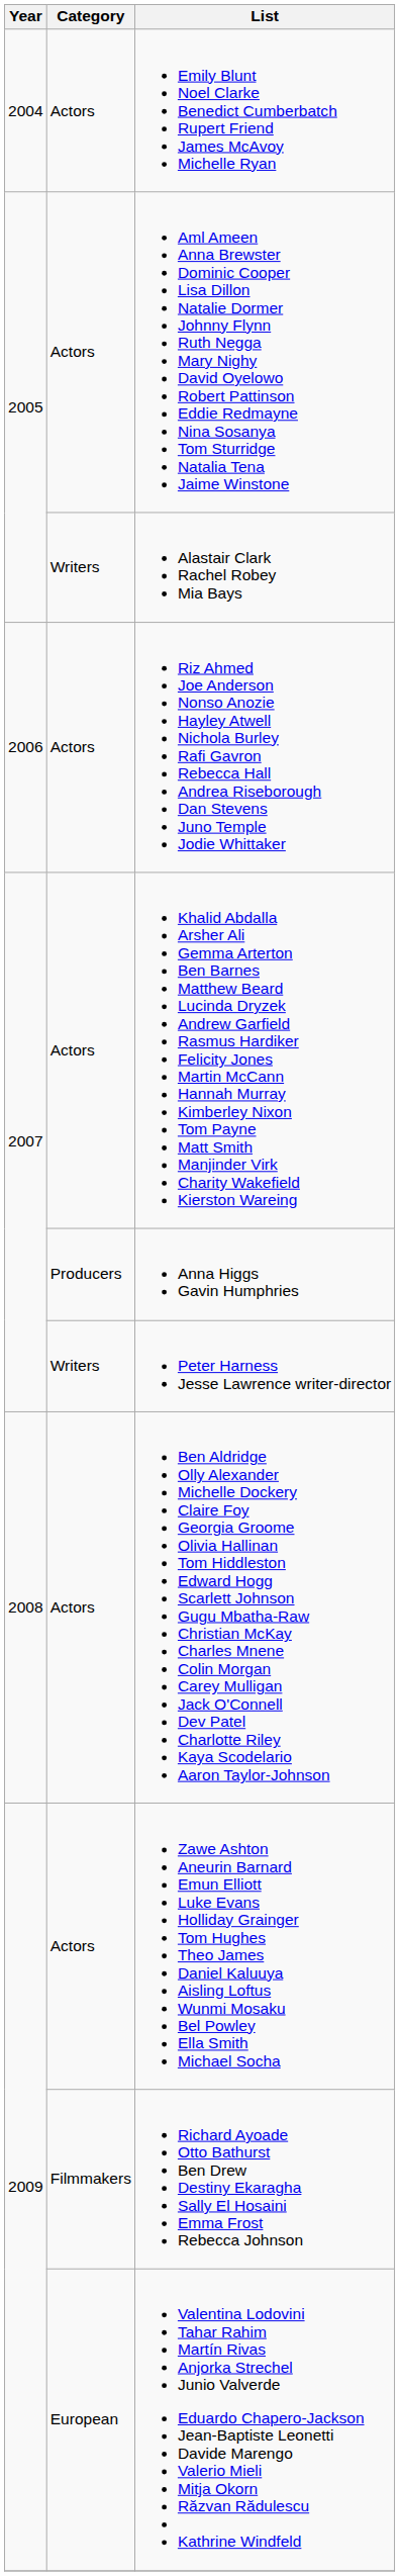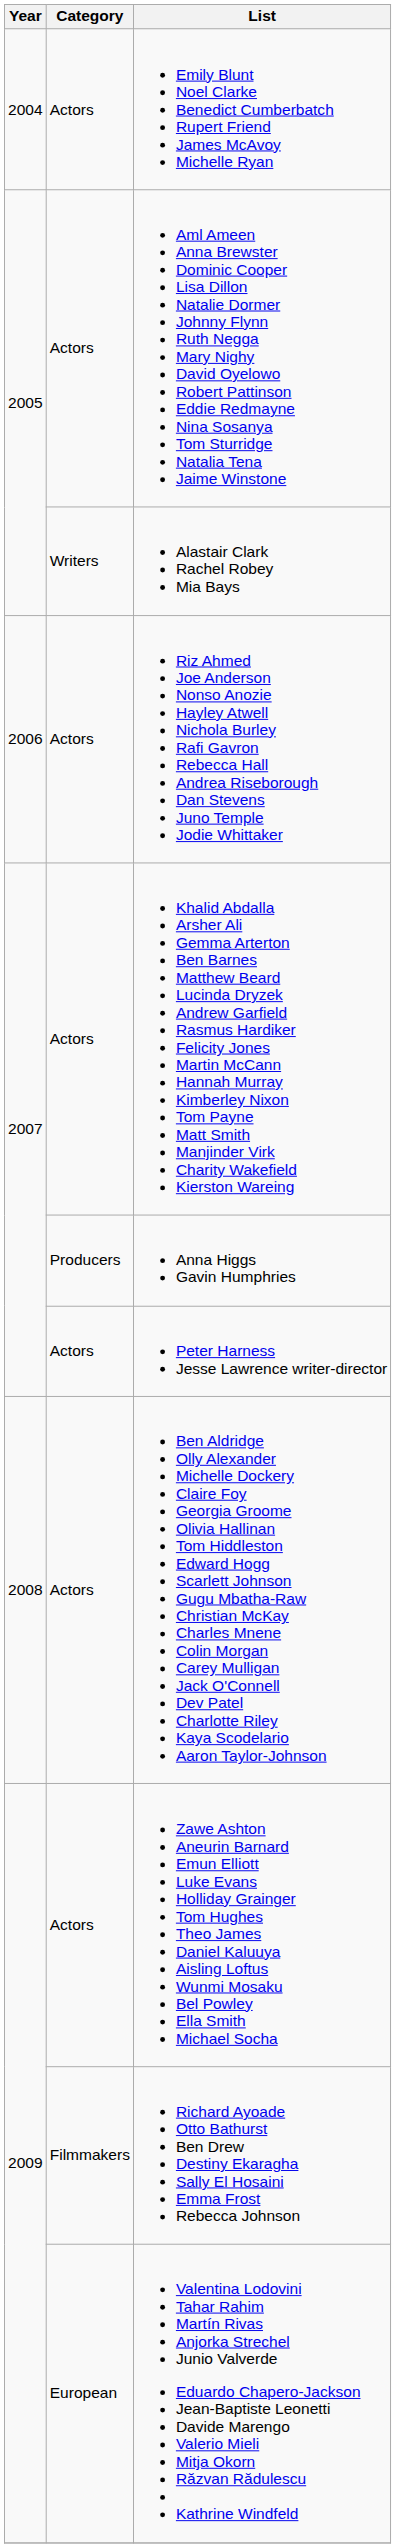 <table class="wikitable sortable">
 <tr>
 <th>Year</th>
 <th>Category</th>
 <th>List</th>
 </tr>
 <tr>
 <td>2004</td>
 <td>Actors</td>
 <td><br><ul><li><a href='#'>Emily Blunt</a></li><li><a href='#'>Noel Clarke</a></li><li><a href='#'>Benedict Cumberbatch</a></li><li><a href='#'>Rupert Friend</a></li><li><a href='#'>James McAvoy</a></li><li><a href='#'>Michelle Ryan</a></li></ul></td>
 </tr>
 <tr>
 <td rowspan="2">2005</td>
 <td>Actors</td>
 <td><br><ul><li><a href='#'>Aml Ameen</a></li><li><a href='#'>Anna Brewster</a></li><li><a href='#'>Dominic Cooper</a></li><li><a href='#'>Lisa Dillon</a></li><li><a href='#'>Natalie Dormer</a></li><li><a href='#'>Johnny Flynn</a></li><li><a href='#'>Ruth Negga</a></li><li><a href='#'>Mary Nighy</a></li><li><a href='#'>David Oyelowo</a></li><li><a href='#'>Robert Pattinson</a></li><li><a href='#'>Eddie Redmayne</a></li><li><a href='#'>Nina Sosanya</a></li><li><a href='#'>Tom Sturridge</a></li><li><a href='#'>Natalia Tena</a></li><li><a href='#'>Jaime Winstone</a></li></ul></td>
 </tr>
 <tr>
 <td>Writers</td>
 <td><br><ul><li>Alastair Clark</li><li>Rachel Robey</li><li>Mia Bays</li></ul></td>
 </tr>
 <tr>
 <td>2006</td>
 <td>Actors</td>
 <td><br><ul><li><a href='#'>Riz Ahmed</a></li><li><a href='#'>Joe Anderson</a></li><li><a href='#'>Nonso Anozie</a></li><li><a href='#'>Hayley Atwell</a></li><li><a href='#'>Nichola Burley</a></li><li><a href='#'>Rafi Gavron</a></li><li><a href='#'>Rebecca Hall</a></li><li><a href='#'>Andrea Riseborough</a></li><li><a href='#'>Dan Stevens</a></li><li><a href='#'>Juno Temple</a></li><li><a href='#'>Jodie Whittaker</a></li></ul></td>
 </tr>
 <tr>
 <td rowspan="3">2007</td>
 <td>Actors</td>
 <td><br><ul><li><a href='#'>Khalid Abdalla</a></li><li><a href='#'>Arsher Ali</a></li><li><a href='#'>Gemma Arterton</a></li><li><a href='#'>Ben Barnes</a></li><li><a href='#'>Matthew Beard</a></li><li><a href='#'>Lucinda Dryzek</a></li><li><a href='#'>Andrew Garfield</a></li><li><a href='#'>Rasmus Hardiker</a></li><li><a href='#'>Felicity Jones</a></li><li><a href='#'>Martin McCann</a></li><li><a href='#'>Hannah Murray</a></li><li><a href='#'>Kimberley Nixon</a></li><li><a href='#'>Tom Payne</a></li><li><a href='#'>Matt Smith</a></li><li><a href='#'>Manjinder Virk</a></li><li><a href='#'>Charity Wakefield</a></li><li><a href='#'>Kierston Wareing</a></li></ul></td>
 </tr>
 <tr>
 <td>Producers</td>
 <td><br><ul><li>Anna Higgs</li><li>Gavin Humphries</li></ul></td>
 </tr>
 <tr>
-<td>Writers</td>
+<td>Actors</td>
 <td><br><ul><li><a href='#'>Peter Harness</a></li><li>Jesse Lawrence writer-director</li></ul></td>
 </tr>
 <tr>
 <td>2008</td>
 <td>Actors</td>
 <td><br><ul><li><a href='#'>Ben Aldridge</a></li><li><a href='#'>Olly Alexander</a></li><li><a href='#'>Michelle Dockery</a></li><li><a href='#'>Claire Foy</a></li><li><a href='#'>Georgia Groome</a></li><li><a href='#'>Olivia Hallinan</a></li><li><a href='#'>Tom Hiddleston</a></li><li><a href='#'>Edward Hogg</a></li><li><a href='#'>Scarlett Johnson</a></li><li><a href='#'>Gugu Mbatha-Raw</a></li><li><a href='#'>Christian McKay</a></li><li><a href='#'>Charles Mnene</a></li><li><a href='#'>Colin Morgan</a></li><li><a href='#'>Carey Mulligan</a></li><li><a href='#'>Jack O'Connell</a></li><li><a href='#'>Dev Patel</a></li><li><a href='#'>Charlotte Riley</a></li><li><a href='#'>Kaya Scodelario</a></li><li><a href='#'>Aaron Taylor-Johnson</a></li></ul></td>
 </tr>
 <tr>
 <td rowspan="3">2009</td>
 <td>Actors</td>
 <td><br><ul><li><a href='#'>Zawe Ashton</a></li><li><a href='#'>Aneurin Barnard</a></li><li><a href='#'>Emun Elliott</a></li><li><a href='#'>Luke Evans</a></li><li><a href='#'>Holliday Grainger</a></li><li><a href='#'>Tom Hughes</a></li><li><a href='#'>Theo James</a></li><li><a href='#'>Daniel Kaluuya</a></li><li><a href='#'>Aisling Loftus</a></li><li><a href='#'>Wunmi Mosaku</a></li><li><a href='#'>Bel Powley</a></li><li><a href='#'>Ella Smith</a></li><li><a href='#'>Michael Socha</a></li></ul></td>
 </tr>
 <tr>
 <td>Filmmakers</td>
 <td><br><ul><li><a href='#'>Richard Ayoade</a></li><li><a href='#'>Otto Bathurst</a></li><li>Ben Drew</li><li><a href='#'>Destiny Ekaragha</a></li><li><a href='#'>Sally El Hosaini</a></li><li><a href='#'>Emma Frost</a></li><li>Rebecca Johnson</li></ul></td>
 </tr>
 <tr>
 <td>European</td>
 <td><br><ul><li><a href='#'>Valentina Lodovini</a></li><li><a href='#'>Tahar Rahim</a></li><li><a href='#'>Martín Rivas</a></li><li><a href='#'>Anjorka Strechel</a></li><li>Junio Valverde</li></ul> <ul><li><a href='#'>Eduardo Chapero-Jackson</a></li><li>Jean-Baptiste Leonetti</li><li>Davide Marengo</li><li><a href='#'>Valerio Mieli</a></li><li><a href='#'>Mitja Okorn</a></li><li><a href='#'>Răzvan Rădulescu</a></li><li></li><li><a href='#'>Kathrine Windfeld</a></li></ul></td>
 </tr>
 <tr>
 </tr>
 </table>
